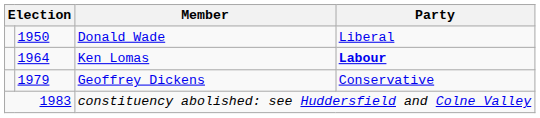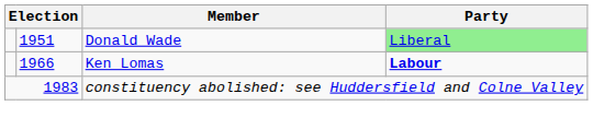 <table class="wikitable">
 <tr>
 <th colspan="2">Election</th>
 <th>Member</th>
 <th>Party</th>
 </tr>
 <tr>
 <td style="color:inherit;background-color: "></td>
-<td><a href='#'>1950</a></td>
+<td><a href='#'>1951</a></td>
 <td><a href='#'>Donald Wade</a></td>
-<td><a href='#'>Liberal</a></td>
+<td style="background: lightgreen;"><a href='#'>Liberal</a></td>
 </tr>
 <tr>
 <td style="color:inherit;background-color: "></td>
-<td><a href='#'>1964</a></td>
+<td><a href='#'>1966</a></td>
 <td><a href='#'>Ken Lomas</a></td>
 <td><strong><a href='#'>Labour</a></strong></td>
-</tr>
-<tr>
-<td style="color:inherit;background-color: "></td>
-<td><a href='#'>1979</a></td>
-<td><a href='#'>Geoffrey Dickens</a></td>
-<td><a href='#'>Conservative</a></td>
 </tr>
 <tr>
 <td colspan="2" align="right"><a href='#'>1983</a></td>
 <td colspan="2"><em>constituency abolished: see <a href='#'>Huddersfield</a> and <a href='#'>Colne Valley</a></em></td>
 </tr>
 </table>
